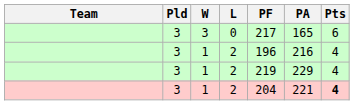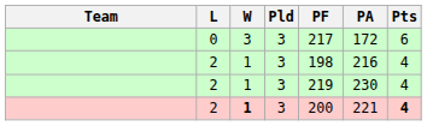 <table class="wikitable" style="text-align:center;">
 <tr>
 <th width=170>Team</th>
+<th width=25>L</th>
+<th width=25>W</th>
 <th width=25>Pld</th>
-<th width=25>W</th>
-<th width=25>L</th>
 <th width=35>PF</th>
 <th width=35>PA</th>
 <th width=25>Pts</th>
 </tr>
 <tr bgcolor=#ccffcc>
 <td style="text-align:left"></td>
+<td>0</td>
 <td>3</td>
 <td>3</td>
-<td>0</td>
 <td>217</td>
-<td>165</td>
+<td>172</td>
 <td>6</td>
 </tr>
 <tr bgcolor=#ccffcc>
 <td style="text-align:left"></td>
+<td>2</td>
+<td>1</td>
 <td>3</td>
-<td>1</td>
-<td>2</td>
-<td>196</td>
+<td>198</td>
 <td>216</td>
 <td>4</td>
 </tr>
 <tr bgcolor=#ccffcc>
 <td style="text-align:left"></td>
+<td>2</td>
+<td>1</td>
 <td>3</td>
-<td>1</td>
-<td>2</td>
 <td>219</td>
-<td>229</td>
+<td>230</td>
 <td>4</td>
 </tr>
 <tr bgcolor=#ffcccc>
 <td style="text-align:left"></td>
+<td>2</td>
+<td><strong>1</strong></td>
 <td>3</td>
-<td>1</td>
-<td>2</td>
-<td>204</td>
+<td>200</td>
 <td>221</td>
 <td><strong>4</strong></td>
 </tr>
 </table>
